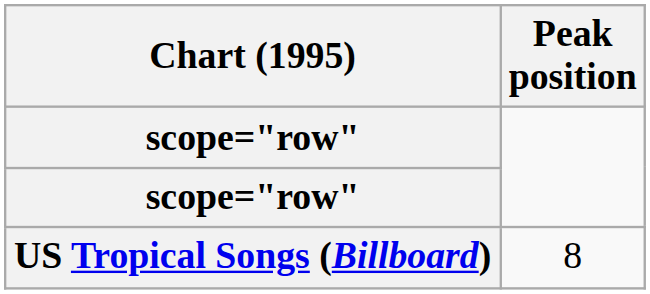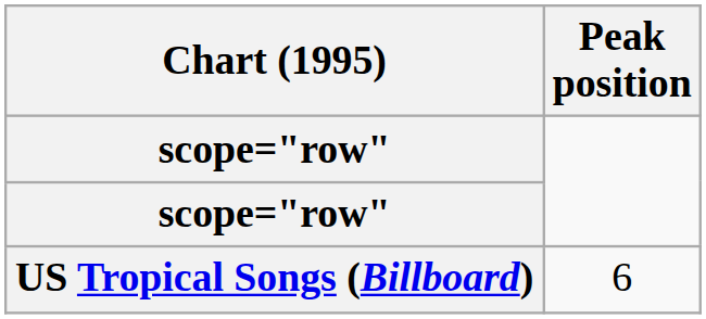 <table class="wikitable plainrowheaders sortable" style="text-align:center;">
 <tr>
 <th scope="col">Chart (1995)</th>
 <th scope="col">Peak<br>position</th>
 </tr>
 <tr>
 <th>scope="row"</th>
 </tr>
 <tr>
 <th>scope="row"</th>
 </tr>
 <tr>
 <th scope=row>US <a href='#'>Tropical Songs</a> (<a href='#'><em>Billboard</em></a>)</th>
-<td style="text-align: center; ">8</td>
+<td style="text-align: center; ">6</td>
 </tr>
 </table>
